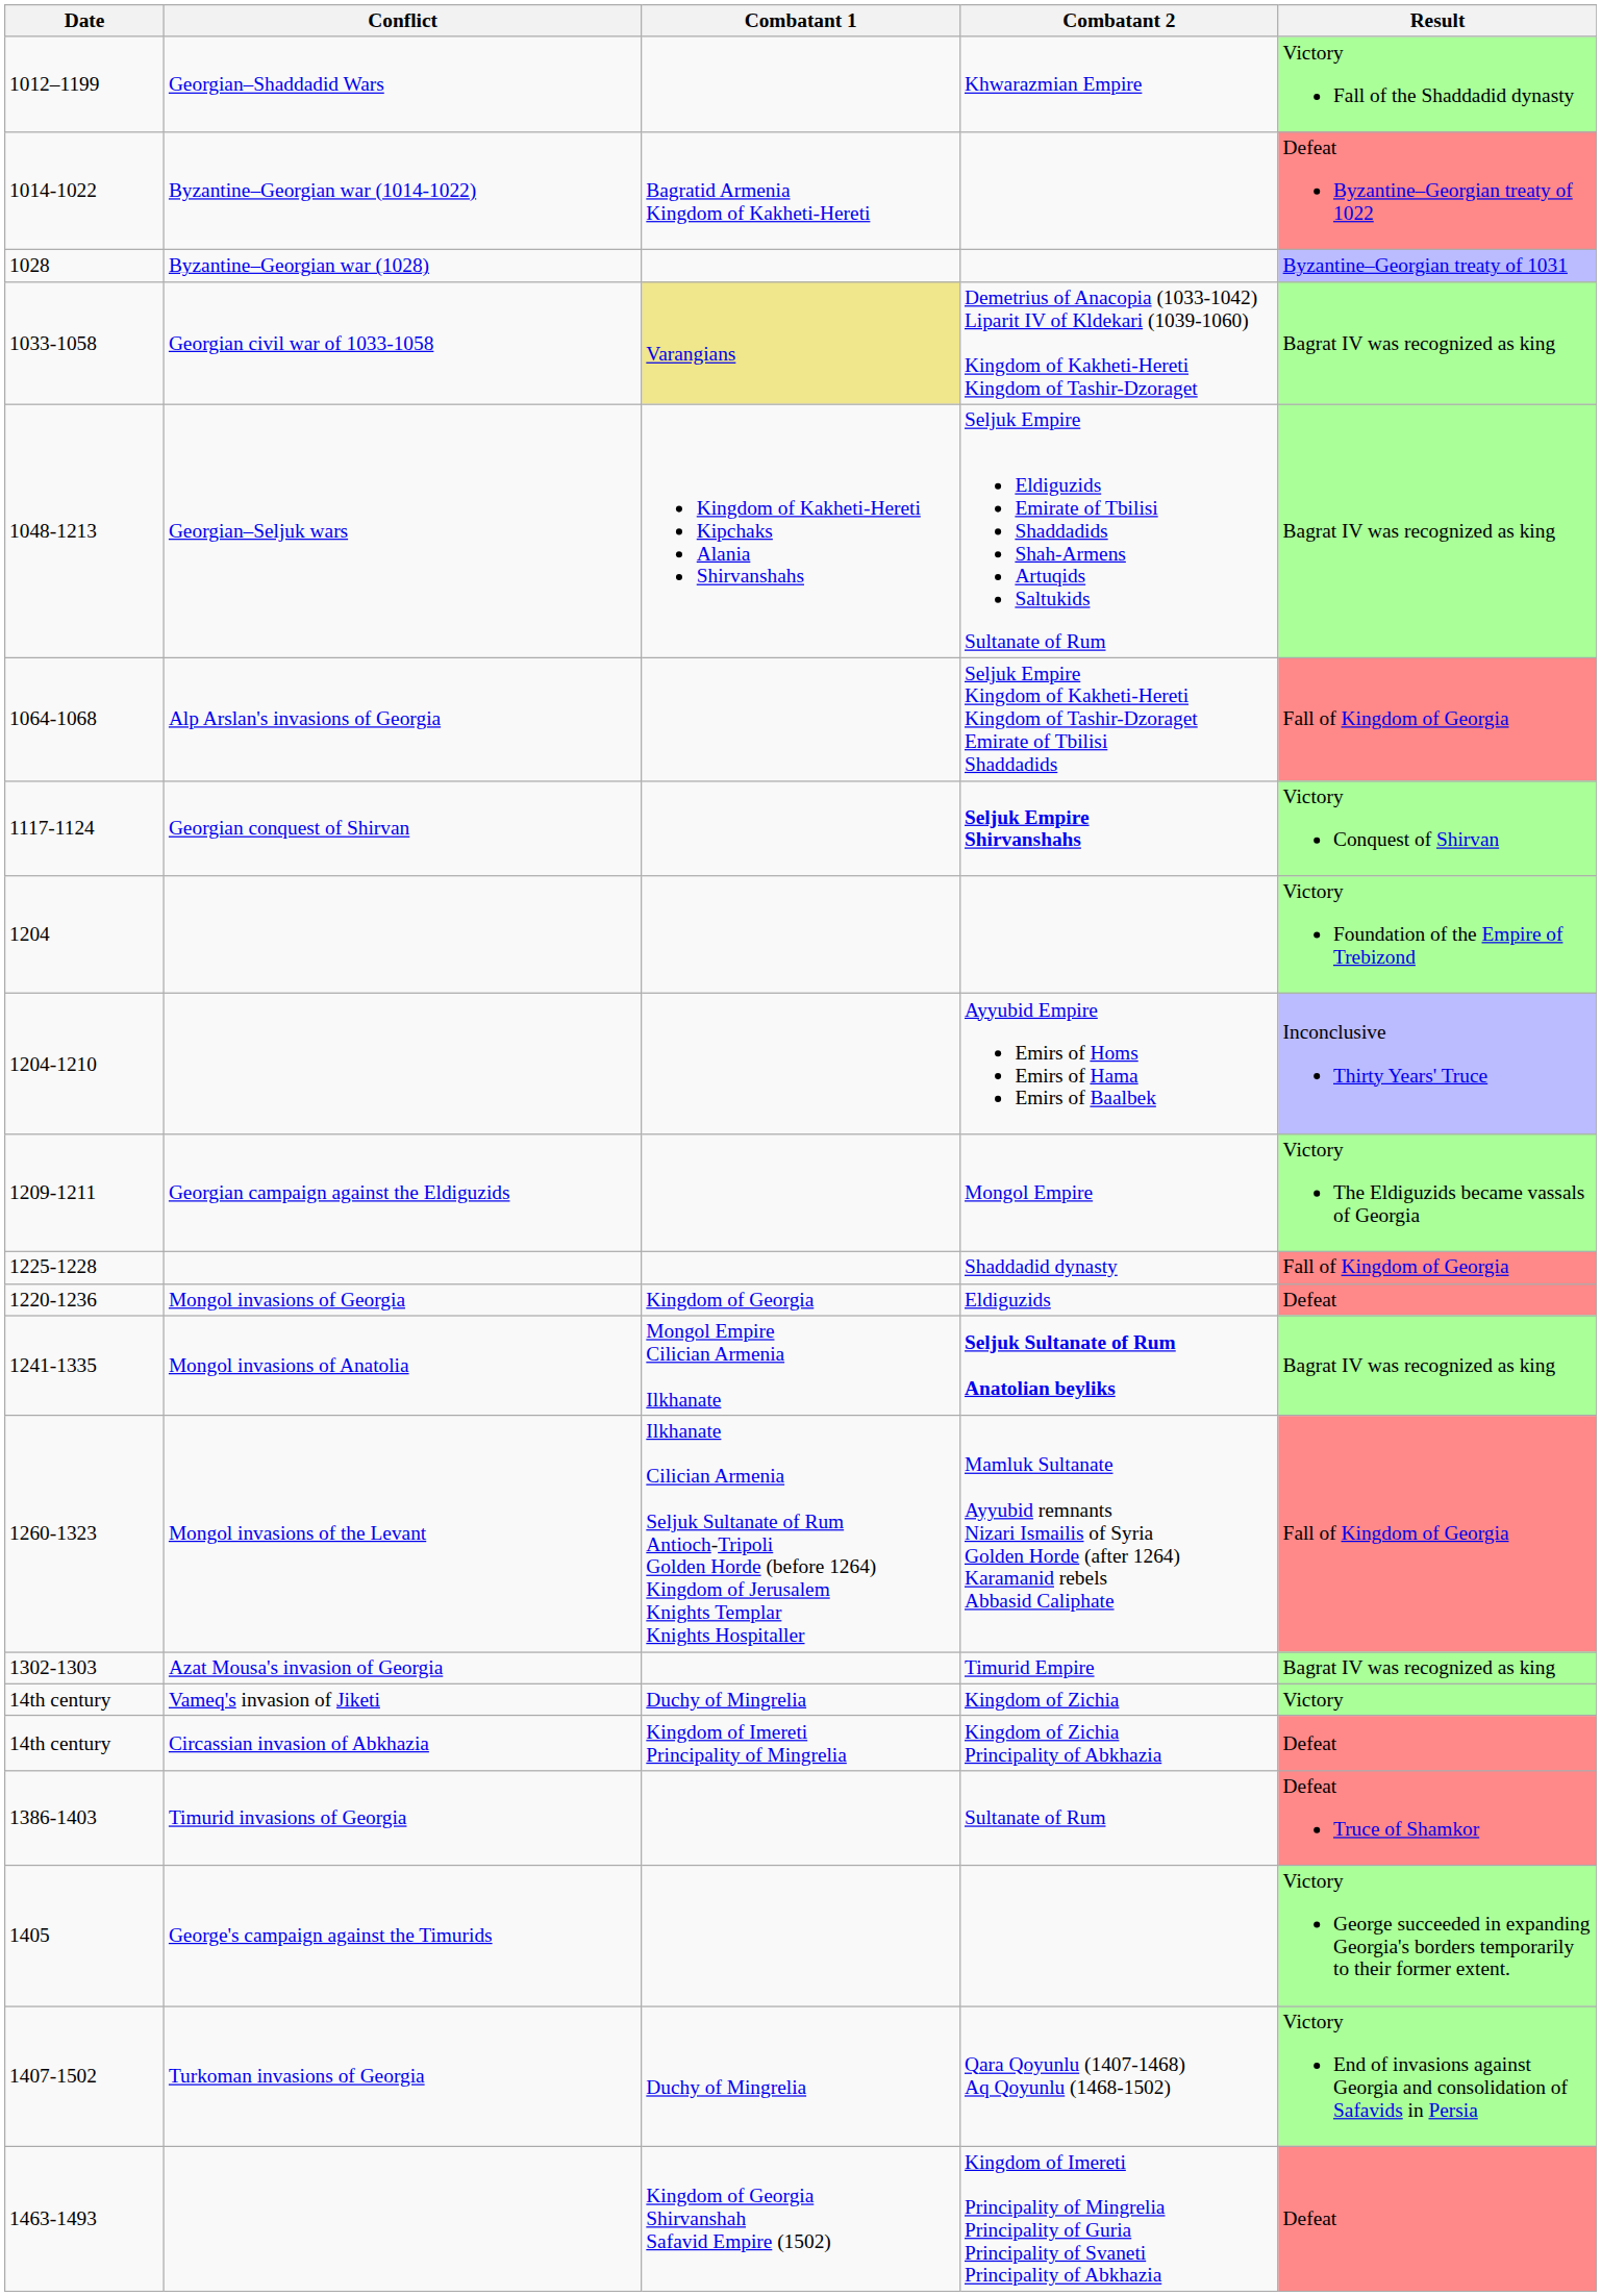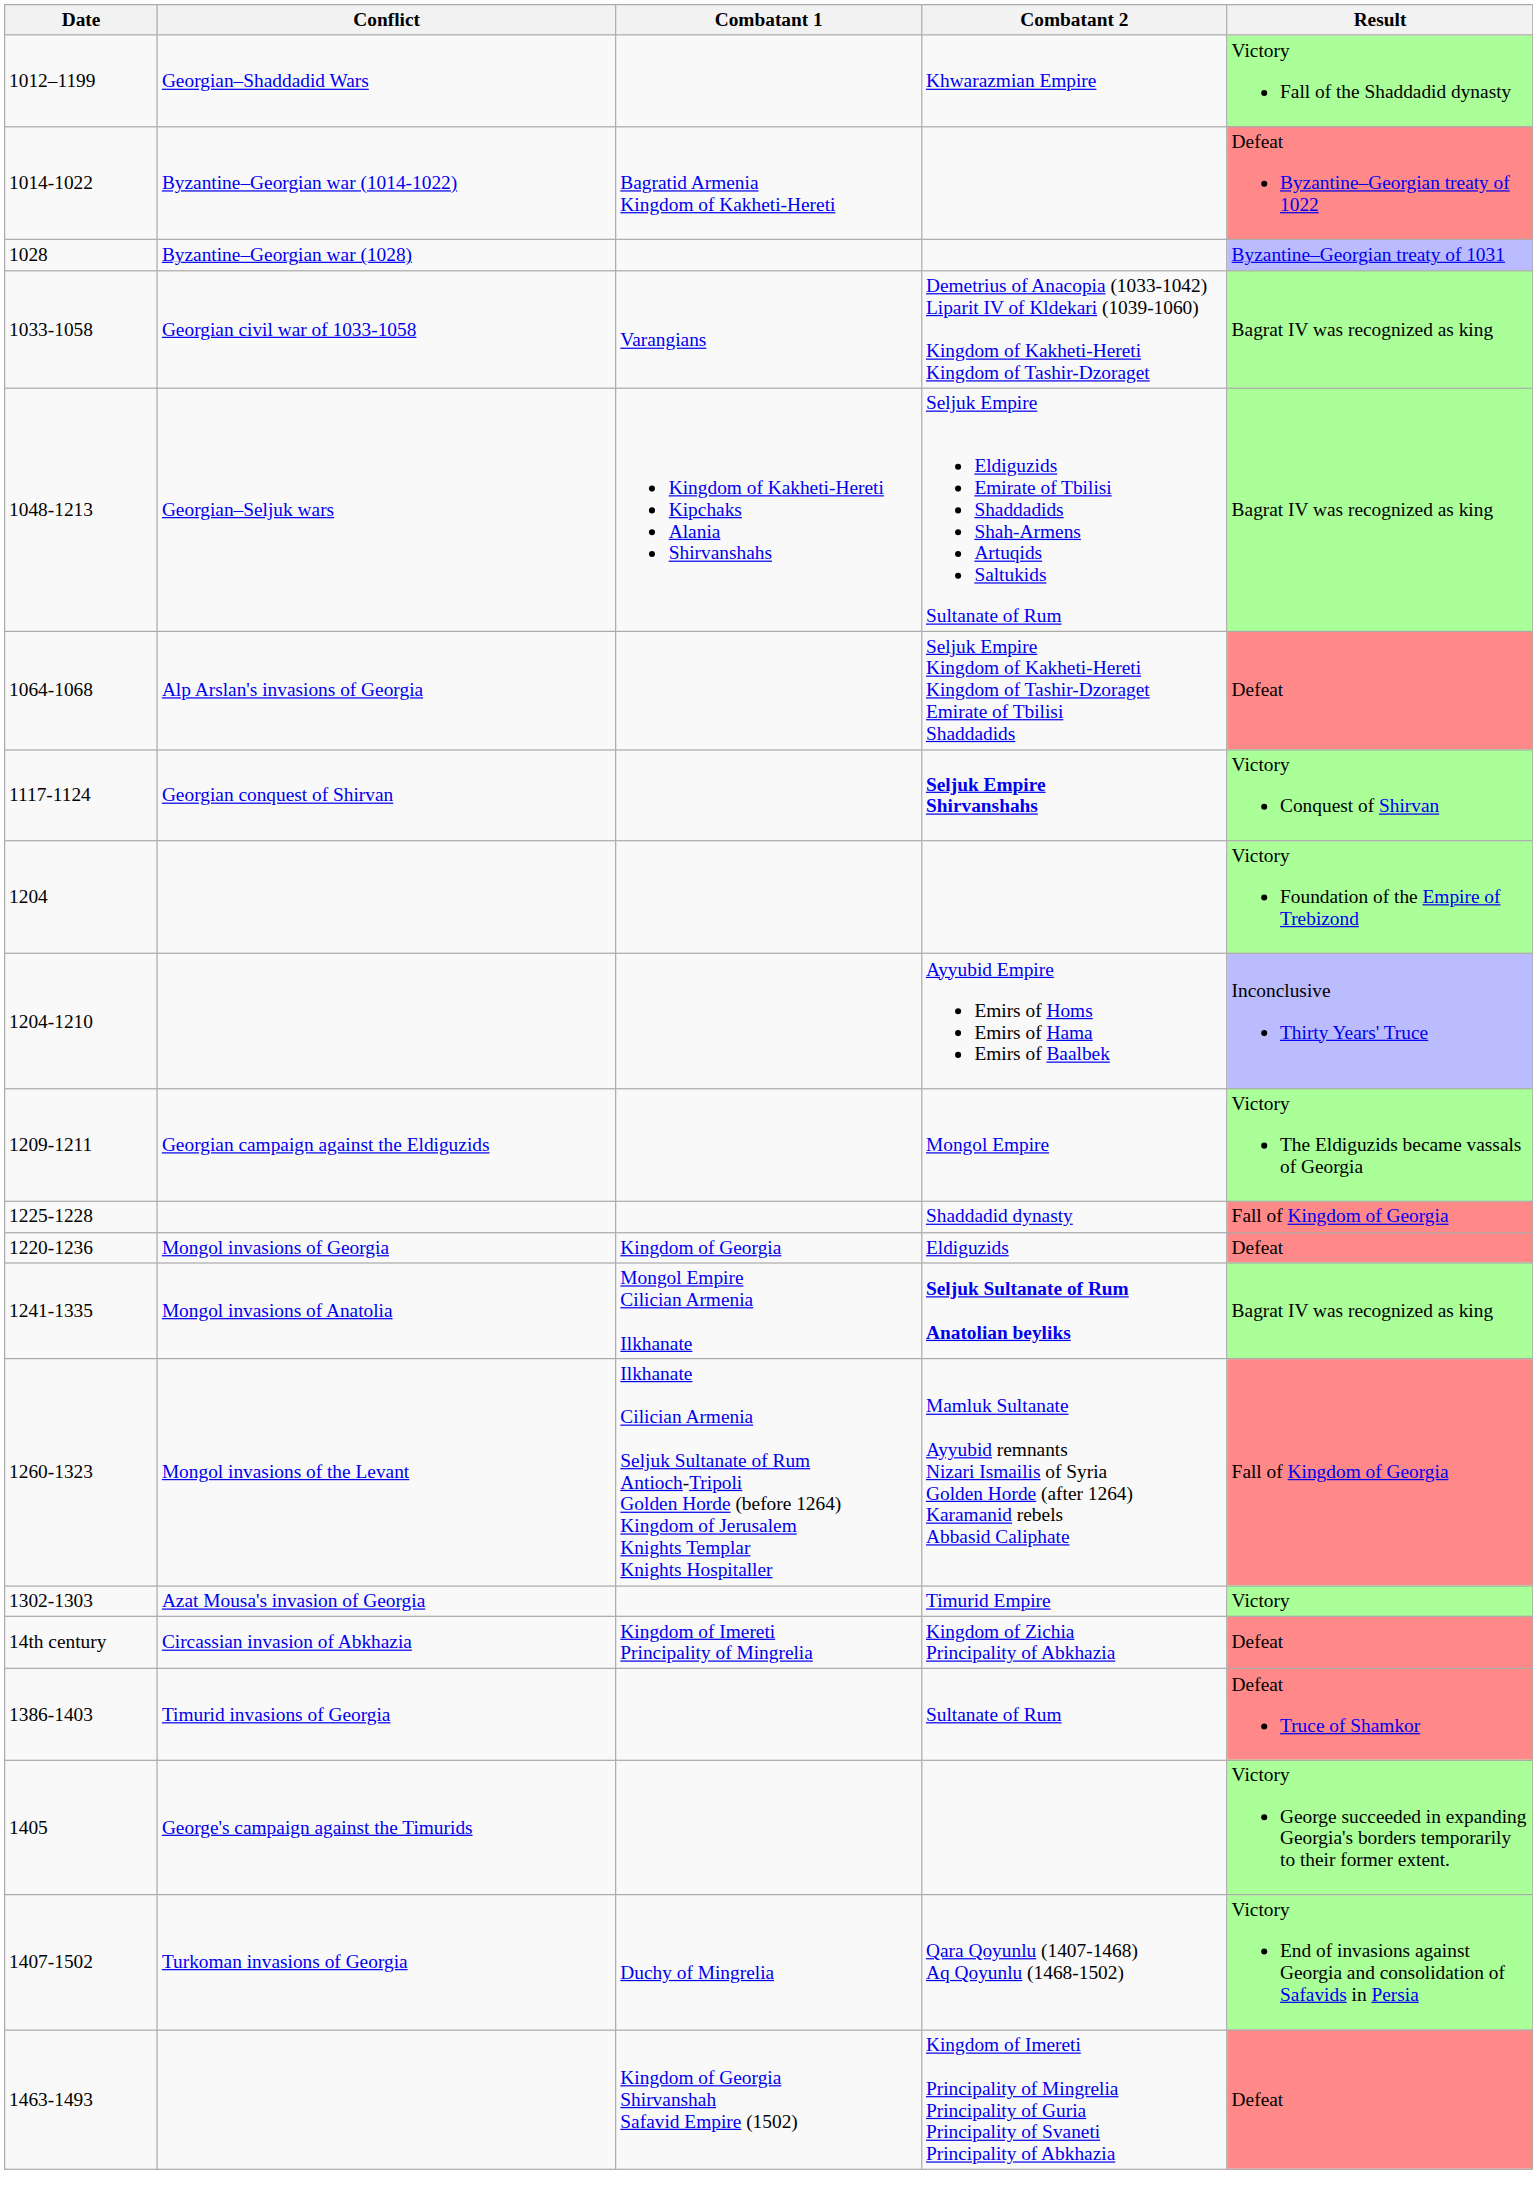 <table class="wikitable" style="width:100%;">
 <tr>
 <th style="width:10%;">Date</th>
 <th style="width:30%;">Conflict</th>
 <th style="width:20%;">Combatant 1</th>
 <th style="width:20%;">Combatant 2</th>
 <th style="width:20%;">Result</th>
 </tr>
 <tr>
 <td>1012–1199</td>
 <td><a href='#'>Georgian–Shaddadid Wars</a></td>
 <td></td>
 <td><a href='#'>Khwarazmian Empire</a></td>
 <td style="background:#AF9">Victory<br><ul><li>Fall of the Shaddadid dynasty</li></ul></td>
 </tr>
 <tr>
 <td>1014-1022</td>
 <td><a href='#'>Byzantine–Georgian war (1014-1022)</a></td>
 <td><br> <a href='#'>Bagratid Armenia</a><br><a href='#'>Kingdom of Kakheti-Hereti</a></td>
 <td></td>
 <td style="background:#F88">Defeat<br><ul><li><a href='#'>Byzantine–Georgian treaty of 1022</a></li></ul></td>
 </tr>
 <tr>
 <td>1028</td>
 <td><a href='#'>Byzantine–Georgian war (1028)</a></td>
 <td></td>
 <td></td>
 <td style="background:#BBF"><a href='#'>Byzantine–Georgian treaty of 1031</a></td>
 </tr>
 <tr>
 <td>1033-1058</td>
 <td><a href='#'>Georgian civil war of 1033-1058</a></td>
-<td style="background: khaki;"><br><a href='#'>Varangians</a></td>
+<td><br><a href='#'>Varangians</a></td>
 <td> <a href='#'>Demetrius of Anacopia</a> (1033-1042)<br><a href='#'>Liparit IV of Kldekari</a> (1039-1060) <br> <br><a href='#'>Kingdom of Kakheti-Hereti</a><br><a href='#'>Kingdom of Tashir-Dzoraget</a></td>
 <td style="background:#AF9">Bagrat IV was recognized as king</td>
 </tr>
 <tr>
 <td>1048-1213</td>
 <td><a href='#'>Georgian–Seljuk wars</a></td>
 <td><br><ul><li><a href='#'>Kingdom of Kakheti-Hereti</a></li><li><a href='#'>Kipchaks</a></li><li><a href='#'>Alania</a></li><li><a href='#'>Shirvanshahs</a></li></ul></td>
 <td><a href='#'>Seljuk Empire</a><br><br><ul><li><a href='#'>Eldiguzids</a></li><li><a href='#'>Emirate of Tbilisi</a></li><li><a href='#'>Shaddadids</a></li><li><a href='#'>Shah-Armens</a></li><li><a href='#'>Artuqids</a></li><li><a href='#'>Saltukids</a></li></ul> <a href='#'>Sultanate of Rum</a></td>
 <td style="background:#AF9">Bagrat IV was recognized as king</td>
 </tr>
 <tr>
 <td>1064-1068</td>
 <td><a href='#'>Alp Arslan's invasions of Georgia</a></td>
 <td></td>
 <td><a href='#'>Seljuk Empire</a><br><a href='#'>Kingdom of Kakheti-Hereti</a><br><a href='#'>Kingdom of Tashir-Dzoraget</a><br><a href='#'>Emirate of Tbilisi</a><br><a href='#'>Shaddadids</a></td>
-<td style="background:#F88">Fall of <a href='#'>Kingdom of Georgia</a></td>
+<td style="background:#F88">Defeat</td>
 </tr>
 <tr>
 <td>1117-1124</td>
 <td><a href='#'>Georgian conquest of Shirvan</a></td>
 <td></td>
 <td><strong><a href='#'>Seljuk Empire</a><br><a href='#'>Shirvanshahs</a></strong></td>
 <td style="background:#AF9">Victory<br><ul><li>Conquest of <a href='#'>Shirvan</a></li></ul></td>
 </tr>
 <tr>
 <td>1204</td>
 <td></td>
 <td></td>
 <td></td>
 <td style="background:#AF9">Victory<br><ul><li>Foundation of the <a href='#'>Empire of Trebizond</a></li></ul></td>
 </tr>
 <tr>
 <td>1204-1210</td>
 <td></td>
 <td></td>
 <td> <a href='#'>Ayyubid Empire</a><br><ul><li>Emirs of <a href='#'>Homs</a></li><li>Emirs of <a href='#'>Hama</a></li><li>Emirs of <a href='#'>Baalbek</a></li></ul></td>
 <td style="background:#BBF">Inconclusive<br><ul><li><a href='#'>Thirty Years' Truce</a></li></ul></td>
 </tr>
 <tr>
 <td>1209-1211</td>
 <td><a href='#'>Georgian campaign against the Eldiguzids</a></td>
 <td></td>
 <td><a href='#'>Mongol Empire</a></td>
 <td style="background:#AF9">Victory<br><ul><li>The Eldiguzids became vassals of Georgia</li></ul></td>
 </tr>
 <tr>
 <td>1225-1228</td>
 <td></td>
 <td></td>
 <td><a href='#'>Shaddadid dynasty</a></td>
 <td style="background:#F88">Fall of <a href='#'>Kingdom of Georgia</a></td>
 </tr>
 <tr>
 <td>1220-1236</td>
 <td><a href='#'>Mongol invasions of Georgia</a></td>
 <td> <a href='#'>Kingdom of Georgia</a></td>
 <td><a href='#'>Eldiguzids</a></td>
 <td style="background:#F88">Defeat</td>
 </tr>
 <tr>
 <td>1241-1335</td>
 <td><a href='#'>Mongol invasions of Anatolia</a></td>
 <td><a href='#'>Mongol Empire</a><br> <a href='#'>Cilician Armenia</a><br> <br> <a href='#'>Ilkhanate</a></td>
 <td><strong> <a href='#'>Seljuk Sultanate of Rum</a><br><br><a href='#'>Anatolian beyliks</a></strong></td>
 <td style="background:#AF9">Bagrat IV was recognized as king</td>
 </tr>
 <tr>
 <td>1260-1323</td>
 <td><a href='#'>Mongol invasions of the Levant</a></td>
 <td> <a href='#'>Ilkhanate</a><br><br> <a href='#'>Cilician Armenia</a><br> <br>  <a href='#'>Seljuk Sultanate of Rum</a><br> <a href='#'>Antioch</a>-<a href='#'>Tripoli</a><br> <a href='#'>Golden Horde</a> (before 1264)<br>  <a href='#'>Kingdom of Jerusalem</a><br> <a href='#'>Knights Templar</a><br> <a href='#'>Knights Hospitaller</a></td>
 <td> <a href='#'>Mamluk Sultanate</a><br><br> <a href='#'>Ayyubid</a> remnants<br>  <a href='#'>Nizari Ismailis</a> of Syria<br> <a href='#'>Golden Horde</a> (after 1264)<br> <a href='#'>Karamanid</a> rebels<br>  <a href='#'>Abbasid Caliphate</a></td>
 <td style="background:#F88">Fall of <a href='#'>Kingdom of Georgia</a></td>
 </tr>
 <tr>
 <td>1302-1303</td>
 <td><a href='#'>Azat Mousa's invasion of Georgia</a></td>
 <td></td>
 <td> <a href='#'>Timurid Empire</a></td>
-<td style="background:#AF9">Bagrat IV was recognized as king</td>
-</tr>
-<tr>
-<td>14th century</td>
-<td><a href='#'>Vameq's</a> invasion of <a href='#'>Jiketi</a></td>
-<td> <a href='#'>Duchy of Mingrelia</a></td>
-<td><a href='#'>Kingdom of Zichia</a></td>
 <td style="background:#AF9">Victory</td>
 </tr>
 <tr>
 <td>14th century</td>
 <td><a href='#'>Circassian invasion of Abkhazia</a></td>
 <td> <a href='#'>Kingdom of Imereti</a><br> <a href='#'>Principality of Mingrelia</a></td>
 <td> <a href='#'>Kingdom of Zichia</a><br> <a href='#'>Principality of Abkhazia</a></td>
 <td style="background:#F88">Defeat</td>
 </tr>
 <tr>
 <td>1386-1403</td>
 <td><a href='#'>Timurid invasions of Georgia</a></td>
 <td></td>
 <td> <a href='#'>Sultanate of Rum</a></td>
 <td style="background:#F88">Defeat<br><ul><li><a href='#'>Truce of Shamkor</a></li></ul></td>
 </tr>
 <tr>
 <td>1405</td>
 <td><a href='#'>George's campaign against the Timurids</a></td>
 <td></td>
 <td></td>
 <td style="background:#AF9">Victory<br><ul><li>George succeeded in expanding Georgia's borders temporarily to their former extent.</li></ul></td>
 </tr>
 <tr>
 <td>1407-1502</td>
 <td><a href='#'>Turkoman invasions of Georgia</a></td>
 <td><br> <a href='#'>Duchy of Mingrelia</a></td>
 <td><a href='#'>Qara Qoyunlu</a> (1407-1468) <br><a href='#'>Aq Qoyunlu</a> (1468-1502)</td>
 <td style="background:#AF9">Victory<br><ul><li>End of invasions against Georgia and consolidation of <a href='#'>Safavids</a> in <a href='#'>Persia</a></li></ul></td>
 </tr>
 <tr>
 <td>1463-1493</td>
 <td></td>
 <td> <a href='#'>Kingdom of Georgia</a> <br><a href='#'>Shirvanshah</a> <br> <a href='#'>Safavid Empire</a> (1502)</td>
 <td> <a href='#'>Kingdom of Imereti</a><br><br> <a href='#'>Principality of Mingrelia</a><br> <a href='#'>Principality of Guria</a><br> <a href='#'>Principality of Svaneti</a><br> <a href='#'>Principality of Abkhazia</a><br></td>
 <td style="background:#F88">Defeat</td>
 </tr>
 </table>
